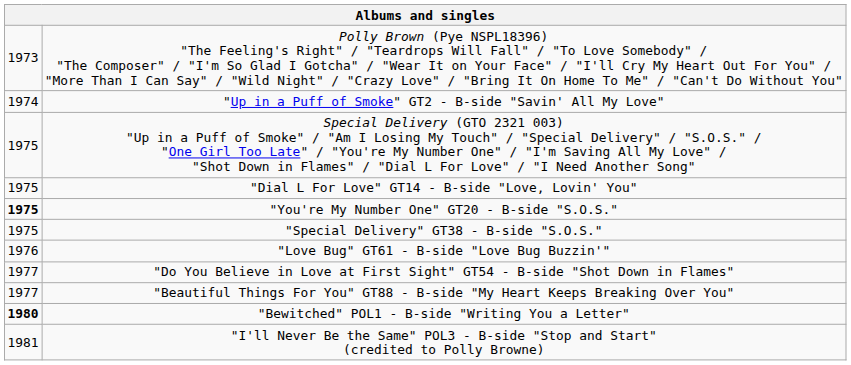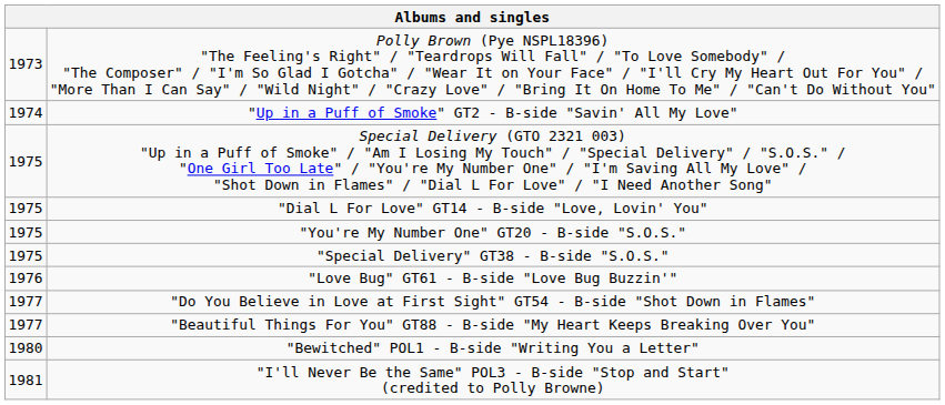 <table class="wikitable">
 <tr>
 <th colspan="2" style="text-align:center;"><strong>Albums and singles</strong></th>
 </tr>
 <tr>
 <td>1973</td>
 <td style="text-align:center;"><em>Polly Brown</em> (Pye NSPL18396)<br>"The Feeling's Right" / "Teardrops Will Fall" / "To Love Somebody" / <br> "The Composer" / "I'm So Glad I Gotcha" / "Wear It on Your Face" / "I'll Cry My Heart Out For You" / <br> "More Than I Can Say" / "Wild Night" / "Crazy Love" / "Bring It On Home To Me" / "Can't Do Without You"</td>
 </tr>
 <tr>
 <td>1974</td>
 <td style="text-align:center;">"<a href='#'>Up in a Puff of Smoke</a>" GT2 - B-side "Savin' All My Love"</td>
 </tr>
 <tr>
 <td>1975</td>
 <td style="text-align:center;"><em>Special Delivery</em> (GTO 2321 003)<br> "Up in a Puff of Smoke" / "Am I Losing My Touch" / "Special Delivery" / "S.O.S." / <br> "<a href='#'>One Girl Too Late</a>" / "You're My Number One" / "I'm Saving All My Love" /<br> "Shot Down in Flames" / "Dial L For Love" / "I Need Another Song"</td>
 </tr>
 <tr>
 <td>1975</td>
 <td style="text-align:center;">"Dial L For Love" GT14 - B-side "Love, Lovin' You"</td>
 </tr>
 <tr>
-<td><strong>1975</strong></td>
+<td>1975</td>
 <td style="text-align:center;">"You're My Number One" GT20 - B-side "S.O.S."</td>
 </tr>
 <tr>
 <td>1975</td>
 <td style="text-align:center;">"Special Delivery" GT38 - B-side "S.O.S."</td>
 </tr>
 <tr>
 <td>1976</td>
 <td style="text-align:center;">"Love Bug" GT61 - B-side "Love Bug Buzzin'"</td>
 </tr>
 <tr>
 <td>1977</td>
 <td style="text-align:center;">"Do You Believe in Love at First Sight" GT54 - B-side "Shot Down in Flames"</td>
 </tr>
 <tr>
 <td>1977</td>
 <td style="text-align:center;">"Beautiful Things For You" GT88 - B-side "My Heart Keeps Breaking Over You"</td>
 </tr>
 <tr>
-<td><strong>1980</strong></td>
+<td>1980</td>
 <td style="text-align:center;">"Bewitched" POL1 - B-side "Writing You a Letter"</td>
 </tr>
 <tr>
 <td>1981</td>
 <td style="text-align:center;">"I'll Never Be the Same" POL3 - B-side "Stop and Start"<br>(credited to Polly Browne)</td>
 </tr>
 </table>
